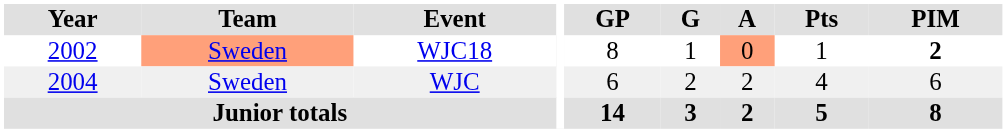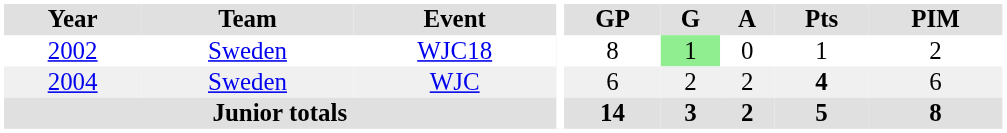 <table border="0" cellpadding="1" cellspacing="0" ID="Table3" style="text-align:center; width:40em">
 <tr ALIGN="center" bgcolor="#e0e0e0">
 <th>Year</th>
 <th>Team</th>
 <th>Event</th>
 <th rowspan="99" bgcolor="#ffffff"></th>
 <th>GP</th>
 <th>G</th>
 <th>A</th>
 <th>Pts</th>
 <th>PIM</th>
 </tr>
 <tr>
 <td><a href='#'>2002</a></td>
-<td style="background: lightsalmon;"><a href='#'>Sweden</a></td>
+<td><a href='#'>Sweden</a></td>
 <td><a href='#'>WJC18</a></td>
 <td>8</td>
+<td style="background: lightgreen;">1</td>
+<td>0</td>
 <td>1</td>
-<td style="background: lightsalmon;">0</td>
-<td>1</td>
-<td><strong>2</strong></td>
+<td>2</td>
 </tr>
 <tr bgcolor="#f0f0f0">
 <td><a href='#'>2004</a></td>
 <td><a href='#'>Sweden</a></td>
 <td><a href='#'>WJC</a></td>
 <td>6</td>
 <td>2</td>
 <td>2</td>
-<td>4</td>
+<td><strong>4</strong></td>
 <td>6</td>
 </tr>
 <tr bgcolor="#e0e0e0">
 <th colspan="3">Junior totals</th>
 <th>14</th>
 <th>3</th>
 <th>2</th>
 <th>5</th>
 <th>8</th>
 </tr>
 </table>
